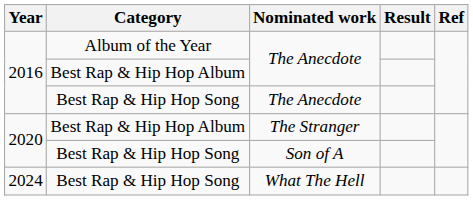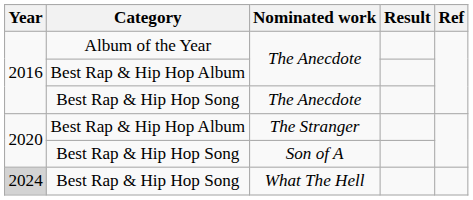 <table class="wikitable plainrowheaders" style="text-align:center;">
 <tr>
 <th>Year</th>
 <th>Category</th>
 <th>Nominated work</th>
 <th>Result</th>
 <th>Ref</th>
 </tr>
 <tr>
 <td rowspan="3">2016</td>
 <td>Album of the Year</td>
 <td rowspan="2"><em>The Anecdote</em></td>
 <td></td>
 <td rowspan="3"></td>
 </tr>
 <tr>
 <td>Best Rap & Hip Hop Album</td>
 <td></td>
 </tr>
 <tr>
 <td>Best Rap & Hip Hop Song</td>
 <td><em>The Anecdote</em></td>
 <td></td>
 </tr>
 <tr>
 <td rowspan="2">2020</td>
 <td>Best Rap & Hip Hop Album</td>
 <td><em>The Stranger</em></td>
 <td></td>
 <td rowspan="2"></td>
 </tr>
 <tr>
 <td>Best Rap & Hip Hop Song</td>
 <td><em>Son of A</em></td>
 <td></td>
 </tr>
 <tr>
-<td>2024</td>
+<td style="background: lightgrey;">2024</td>
 <td>Best Rap & Hip Hop Song</td>
 <td><em>What The Hell</em></td>
 <td></td>
 <td></td>
 </tr>
 </table>
